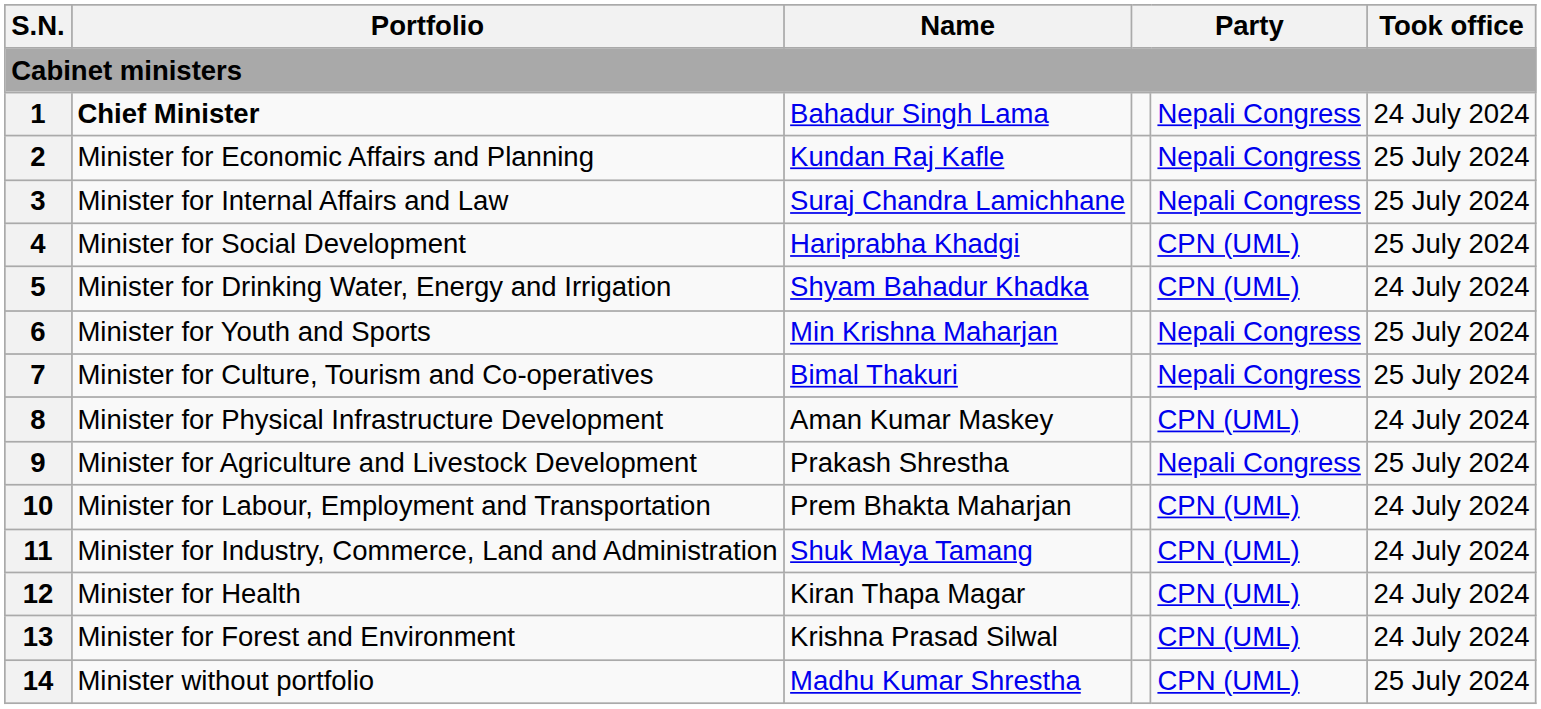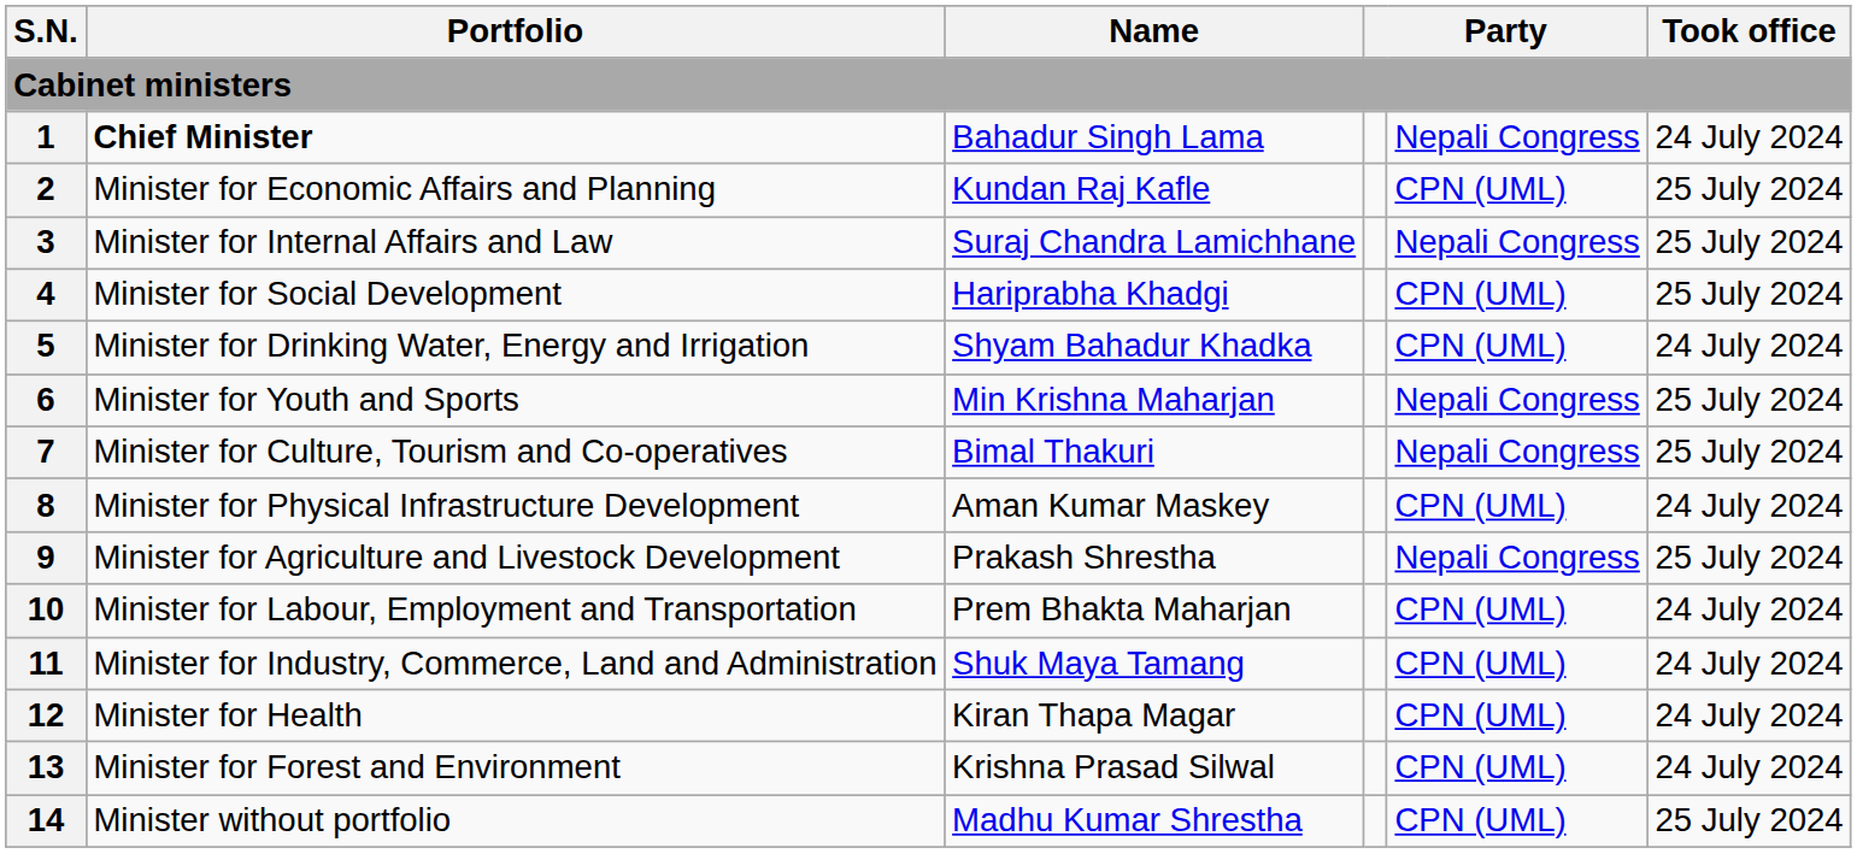 <table class="wikitable">
 <tr>
 <th>S.N. </th>
 <th>Portfolio</th>
 <th>Name</th>
 <th colspan="2">Party</th>
 <th>Took office</th>
 </tr>
 <tr>
 <td colspan="6" bgcolor="darkgrey"><strong>Cabinet ministers</strong></td>
 </tr>
 <tr>
 <th>1</th>
 <td><strong>Chief Minister</strong></td>
 <td><a href='#'>Bahadur Singh Lama</a></td>
 <td></td>
 <td><a href='#'>Nepali Congress</a></td>
 <td>24 July 2024</td>
 </tr>
 <tr>
 <th>2</th>
 <td>Minister for Economic Affairs and Planning</td>
 <td><a href='#'>Kundan Raj Kafle</a></td>
 <td></td>
-<td><a href='#'>Nepali Congress</a></td>
+<td><a href='#'>CPN (UML)</a></td>
 <td>25 July 2024</td>
 </tr>
 <tr>
 <th>3</th>
 <td>Minister for Internal Affairs and Law</td>
 <td><a href='#'>Suraj Chandra Lamichhane</a></td>
 <td></td>
 <td><a href='#'>Nepali Congress</a></td>
 <td>25 July 2024</td>
 </tr>
 <tr>
 <th>4</th>
 <td>Minister for Social Development</td>
 <td><a href='#'>Hariprabha Khadgi</a></td>
 <td></td>
 <td><a href='#'>CPN (UML)</a></td>
 <td>25 July 2024</td>
 </tr>
 <tr>
 <th>5</th>
 <td>Minister for Drinking Water, Energy and Irrigation</td>
 <td><a href='#'>Shyam Bahadur Khadka</a></td>
 <td></td>
 <td><a href='#'>CPN (UML)</a></td>
 <td>24 July 2024</td>
 </tr>
 <tr>
 <th>6</th>
 <td>Minister for Youth and Sports</td>
 <td><a href='#'>Min Krishna Maharjan</a></td>
 <td></td>
 <td><a href='#'>Nepali Congress</a></td>
 <td>25 July 2024</td>
 </tr>
 <tr>
 <th>7</th>
 <td>Minister for Culture, Tourism and Co-operatives</td>
 <td><a href='#'>Bimal Thakuri</a></td>
 <td></td>
 <td><a href='#'>Nepali Congress</a></td>
 <td>25 July 2024</td>
 </tr>
 <tr>
 <th>8</th>
 <td>Minister for Physical Infrastructure Development</td>
 <td>Aman Kumar Maskey</td>
 <td width="4px"></td>
 <td><a href='#'>CPN (UML)</a></td>
 <td>24 July 2024</td>
 </tr>
 <tr>
 <th>9</th>
 <td>Minister for Agriculture and Livestock Development</td>
 <td>Prakash Shrestha</td>
 <td width="4px"></td>
 <td><a href='#'>Nepali Congress</a></td>
 <td>25 July 2024</td>
 </tr>
 <tr>
 <th>10</th>
 <td>Minister for Labour, Employment and Transportation</td>
 <td>Prem Bhakta Maharjan</td>
 <td width="4px"></td>
 <td><a href='#'>CPN (UML)</a></td>
 <td>24 July 2024</td>
 </tr>
 <tr>
 <th>11</th>
 <td>Minister for Industry, Commerce, Land and Administration</td>
 <td><a href='#'>Shuk Maya Tamang</a></td>
 <td width="4px"></td>
 <td><a href='#'>CPN (UML)</a></td>
 <td>24 July 2024</td>
 </tr>
 <tr>
 <th>12</th>
 <td>Minister for Health</td>
 <td>Kiran Thapa Magar</td>
 <td width="4px"></td>
 <td><a href='#'>CPN (UML)</a></td>
 <td>24 July 2024</td>
 </tr>
 <tr>
 <th>13</th>
 <td>Minister for Forest and Environment</td>
 <td>Krishna Prasad Silwal</td>
 <td width="4px"></td>
 <td><a href='#'>CPN (UML)</a></td>
 <td>24 July 2024</td>
 </tr>
 <tr>
 <th>14</th>
 <td>Minister without portfolio</td>
 <td><a href='#'>Madhu Kumar Shrestha</a></td>
 <td></td>
 <td><a href='#'>CPN (UML)</a></td>
 <td>25 July 2024</td>
 </tr>
 </table>
